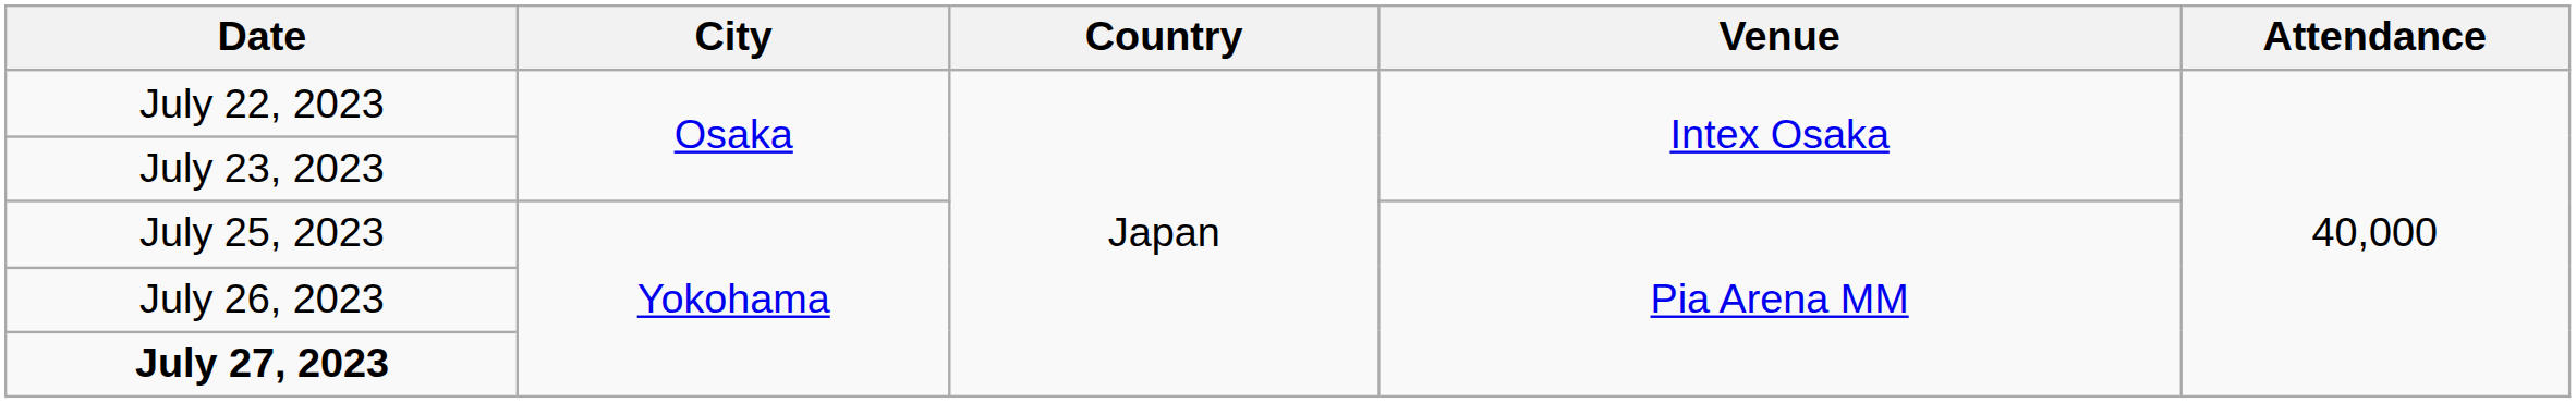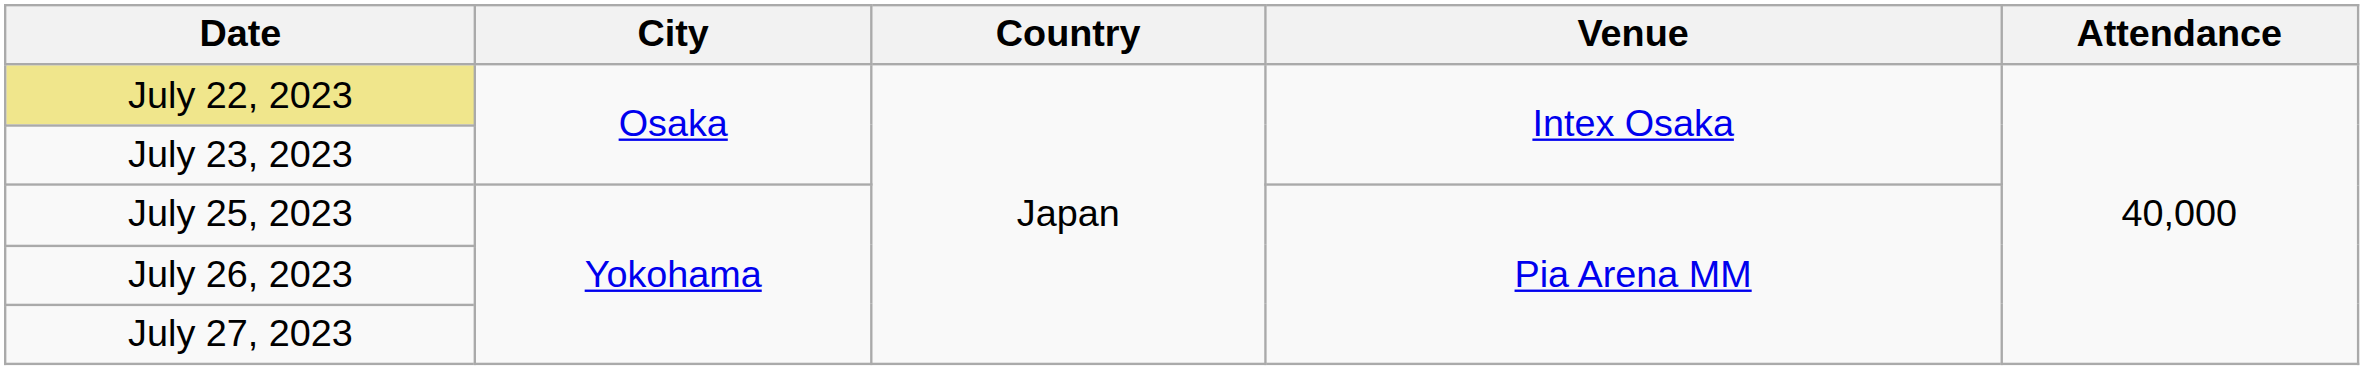 <table class="wikitable" style="text-align:center">
 <tr>
 <th scope="col" style="width:12em">Date</th>
 <th scope="col" style="width:10em">City</th>
 <th scope="col" style="width:10em">Country</th>
 <th scope="col" style="width:19em">Venue</th>
 <th scope="col" style="width:9em">Attendance</th>
 </tr>
 <tr>
-<td>July 22, 2023</td>
+<td style="background: khaki;">July 22, 2023</td>
 <td rowspan="2"><a href='#'>Osaka</a></td>
 <td rowspan="5">Japan</td>
 <td rowspan="2"><a href='#'>Intex Osaka</a></td>
 <td rowspan="5">40,000</td>
 </tr>
 <tr>
 <td>July 23, 2023</td>
 </tr>
 <tr>
 <td>July 25, 2023</td>
 <td rowspan="3"><a href='#'>Yokohama</a></td>
 <td rowspan="3"><a href='#'>Pia Arena MM</a></td>
 </tr>
 <tr>
 <td>July 26, 2023</td>
 </tr>
 <tr>
-<td><strong>July 27, 2023</strong></td>
+<td>July 27, 2023</td>
 </tr>
 </table>
